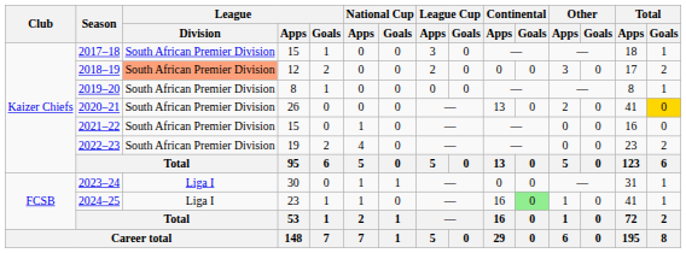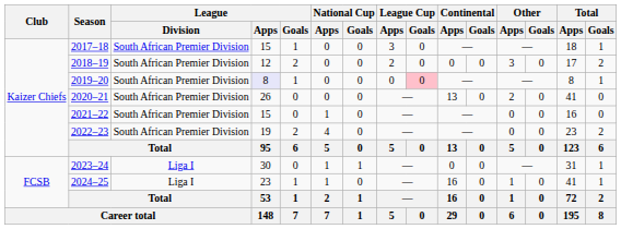 <table class="wikitable" style="text-align:center">
 <tr>
 <th rowspan="2">Club</th>
 <th rowspan="2">Season</th>
 <th colspan="3">League</th>
 <th colspan="2">National Cup</th>
 <th colspan="2">League Cup</th>
 <th colspan="2">Continental</th>
 <th colspan="2">Other</th>
 <th colspan="3">Total</th>
 </tr>
 <tr>
 <th>Division</th>
 <th>Apps</th>
 <th>Goals</th>
 <th>Apps</th>
 <th>Goals</th>
 <th>Apps</th>
 <th>Goals</th>
 <th>Apps</th>
 <th>Goals</th>
 <th>Apps</th>
 <th>Goals</th>
 <th>Apps</th>
 <th>Goals</th>
 </tr>
 <tr>
 <td rowspan="7"><a href='#'>Kaizer Chiefs</a></td>
 <td><a href='#'>2017–18</a></td>
 <td><a href='#'>South African Premier Division</a></td>
 <td>15</td>
 <td>1</td>
 <td>0</td>
 <td>0</td>
 <td>3</td>
 <td>0</td>
 <td rowspan=1 colspan="2">—</td>
 <td colspan="2">—</td>
 <td>18</td>
 <td>1</td>
 </tr>
 <tr>
 <td><a href='#'>2018–19</a></td>
-<td style="background: lightsalmon;">South African Premier Division</td>
+<td>South African Premier Division</td>
 <td>12</td>
 <td>2</td>
 <td>0</td>
 <td>0</td>
 <td>2</td>
 <td>0</td>
 <td>0</td>
 <td>0</td>
 <td>3</td>
 <td>0</td>
 <td>17</td>
 <td>2</td>
 </tr>
 <tr>
 <td><a href='#'>2019–20</a></td>
 <td>South African Premier Division</td>
-<td>8</td>
+<td style="background: lavender;">8</td>
 <td>1</td>
 <td>0</td>
 <td>0</td>
 <td>0</td>
-<td>0</td>
+<td style="background: pink;">0</td>
 <td rowspan=1 colspan="2">—</td>
 <td rowspan=1 colspan="2">—</td>
 <td>8</td>
 <td>1</td>
 </tr>
 <tr>
 <td><a href='#'>2020–21</a></td>
 <td>South African Premier Division</td>
 <td>26</td>
 <td>0</td>
 <td>0</td>
 <td>0</td>
 <td rowspan=1 colspan="2">—</td>
 <td>13</td>
 <td>0</td>
 <td>2</td>
 <td>0</td>
 <td>41</td>
-<td style="background: gold;">0</td>
+<td>0</td>
 </tr>
 <tr>
 <td><a href='#'>2021–22</a></td>
 <td>South African Premier Division</td>
 <td>15</td>
 <td>0</td>
 <td>1</td>
 <td>0</td>
 <td rowspan=1 colspan="2">—</td>
 <td rowspan=1 colspan="2">—</td>
 <td>0</td>
 <td>0</td>
 <td>16</td>
 <td>0</td>
 </tr>
 <tr>
 <td><a href='#'>2022–23</a></td>
 <td>South African Premier Division</td>
 <td>19</td>
 <td>2</td>
 <td>4</td>
 <td>0</td>
 <td rowspan=1 colspan="2">—</td>
 <td rowspan=1 colspan="2">—</td>
 <td>0</td>
 <td>0</td>
 <td>23</td>
 <td>2</td>
 </tr>
 <tr>
 <th colspan="2">Total</th>
 <th>95</th>
 <th>6</th>
 <th>5</th>
 <th>0</th>
 <th>5</th>
 <th>0</th>
 <th>13</th>
 <th>0</th>
 <th>5</th>
 <th>0</th>
 <th>123</th>
 <th>6</th>
 </tr>
 <tr>
 <td rowspan="3"><a href='#'>FCSB</a></td>
 <td><a href='#'>2023–24</a></td>
 <td><a href='#'>Liga I</a></td>
 <td>30</td>
 <td>0</td>
 <td>1</td>
 <td>1</td>
 <td colspan="2">—</td>
 <td>0</td>
 <td>0</td>
 <td colspan="2">—</td>
 <td>31</td>
 <td>1</td>
 </tr>
 <tr>
 <td><a href='#'>2024–25</a></td>
 <td>Liga I</td>
 <td>23</td>
 <td>1</td>
 <td>1</td>
 <td>0</td>
 <td colspan="2">—</td>
 <td>16</td>
-<td style="background: lightgreen;">0</td>
+<td>0</td>
 <td>1</td>
 <td>0</td>
 <td>41</td>
 <td>1</td>
 </tr>
 <tr>
 <th colspan="2">Total</th>
 <th>53</th>
 <th>1</th>
 <th>2</th>
 <th>1</th>
 <th colspan="2">—</th>
 <th>16</th>
 <th>0</th>
 <th>1</th>
 <th>0</th>
 <th>72</th>
 <th>2</th>
 </tr>
 <tr>
 <th colspan="3">Career total</th>
 <th>148</th>
 <th>7</th>
 <th>7</th>
 <th>1</th>
 <th>5</th>
 <th>0</th>
 <th>29</th>
 <th>0</th>
 <th>6</th>
 <th>0</th>
 <th>195</th>
 <th>8</th>
 </tr>
 </table>
